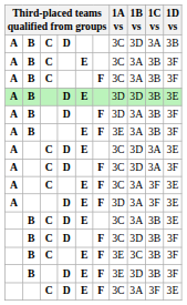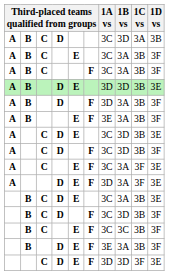 <table class="wikitable" style="text-align:center; font-size:85%">
 <tr>
 <th colspan="6">Third-placed teams<br>qualified from groups</th>
 <th>1A<br>vs</th>
 <th>1B<br>vs</th>
 <th>1C<br>vs</th>
 <th>1D<br>vs</th>
 </tr>
 <tr bgcolor=#FFFFFF>
 <td><strong>A</strong></td>
 <td><strong>B</strong></td>
 <td><strong>C</strong></td>
 <td><strong>D</strong></td>
 <td></td>
 <td></td>
 <td>3C</td>
 <td>3D</td>
 <td>3A</td>
 <td>3B</td>
 </tr>
 <tr bgcolor=#FFFFFF>
 <td><strong>A</strong></td>
 <td><strong>B</strong></td>
 <td><strong>C</strong></td>
 <td></td>
 <td><strong>E</strong></td>
 <td></td>
 <td>3C</td>
 <td>3A</td>
 <td>3B</td>
 <td>3F</td>
 </tr>
 <tr bgcolor=#FFFFFF>
 <td><strong>A</strong></td>
 <td><strong>B</strong></td>
 <td><strong>C</strong></td>
 <td></td>
 <td></td>
 <td><strong>F</strong></td>
 <td>3C</td>
 <td>3A</td>
 <td>3B</td>
 <td>3F</td>
 </tr>
 <tr bgcolor=#BBF3BB>
 <td><strong>A</strong></td>
 <td><strong>B</strong></td>
 <td></td>
 <td><strong>D</strong></td>
 <td><strong>E</strong></td>
 <td></td>
 <td>3D</td>
 <td>3D</td>
 <td>3B</td>
 <td>3E</td>
 </tr>
 <tr bgcolor=#FFFFFF>
 <td><strong>A</strong></td>
 <td><strong>B</strong></td>
 <td></td>
 <td><strong>D</strong></td>
 <td></td>
 <td><strong>F</strong></td>
 <td>3D</td>
 <td>3A</td>
 <td>3B</td>
 <td>3F</td>
 </tr>
 <tr bgcolor=#FFFFFF>
 <td><strong>A</strong></td>
 <td><strong>B</strong></td>
 <td></td>
 <td></td>
 <td><strong>E</strong></td>
 <td><strong>F</strong></td>
 <td>3E</td>
 <td>3A</td>
 <td>3B</td>
 <td>3F</td>
 </tr>
 <tr bgcolor=#FFFFFF>
 <td><strong>A</strong></td>
 <td></td>
 <td><strong>C</strong></td>
 <td><strong>D</strong></td>
 <td><strong>E</strong></td>
 <td></td>
 <td>3C</td>
 <td>3D</td>
-<td>3A</td>
+<td>3B</td>
 <td>3E</td>
 </tr>
 <tr bgcolor=#FFFFFF>
 <td><strong>A</strong></td>
 <td></td>
 <td><strong>C</strong></td>
 <td><strong>D</strong></td>
 <td></td>
 <td><strong>F</strong></td>
 <td>3C</td>
 <td>3D</td>
-<td>3A</td>
+<td>3B</td>
 <td>3F</td>
 </tr>
 <tr bgcolor=#FFFFFF>
 <td><strong>A</strong></td>
 <td></td>
 <td><strong>C</strong></td>
 <td></td>
 <td><strong>E</strong></td>
 <td><strong>F</strong></td>
 <td>3C</td>
 <td>3A</td>
 <td>3F</td>
 <td>3E</td>
 </tr>
 <tr bgcolor=#FFFFFF>
 <td><strong>A</strong></td>
 <td></td>
 <td></td>
 <td><strong>D</strong></td>
 <td><strong>E</strong></td>
 <td><strong>F</strong></td>
 <td>3D</td>
 <td>3A</td>
 <td>3F</td>
 <td>3E</td>
 </tr>
 <tr bgcolor=#FFFFFF>
 <td></td>
 <td><strong>B</strong></td>
 <td><strong>C</strong></td>
 <td><strong>D</strong></td>
 <td><strong>E</strong></td>
 <td></td>
 <td>3C</td>
 <td>3A</td>
 <td>3B</td>
 <td>3E</td>
 </tr>
 <tr bgcolor=#FFFFFF>
 <td></td>
 <td><strong>B</strong></td>
 <td><strong>C</strong></td>
 <td><strong>D</strong></td>
 <td></td>
 <td><strong>F</strong></td>
 <td>3C</td>
 <td>3D</td>
 <td>3B</td>
 <td>3F</td>
 </tr>
 <tr bgcolor=#FFFFFF>
 <td></td>
 <td><strong>B</strong></td>
 <td><strong>C</strong></td>
 <td></td>
 <td><strong>E</strong></td>
 <td><strong>F</strong></td>
-<td>3E</td>
+<td>3C</td>
 <td>3C</td>
 <td>3B</td>
 <td>3F</td>
 </tr>
 <tr bgcolor=#FFFFFF>
 <td></td>
 <td><strong>B</strong></td>
 <td></td>
 <td><strong>D</strong></td>
 <td><strong>E</strong></td>
 <td><strong>F</strong></td>
 <td>3E</td>
-<td>3D</td>
+<td>3A</td>
 <td>3B</td>
 <td>3F</td>
 </tr>
 <tr bgcolor=#FFFFFF>
 <td></td>
 <td></td>
 <td><strong>C</strong></td>
 <td><strong>D</strong></td>
 <td><strong>E</strong></td>
 <td><strong>F</strong></td>
-<td>3C</td>
-<td>3A</td>
+<td>3D</td>
+<td>3D</td>
 <td>3F</td>
 <td>3E</td>
 </tr>
 </table>
